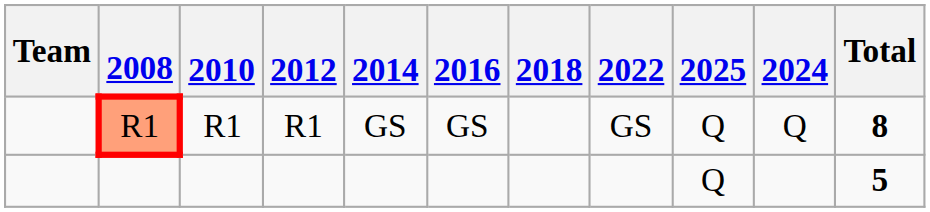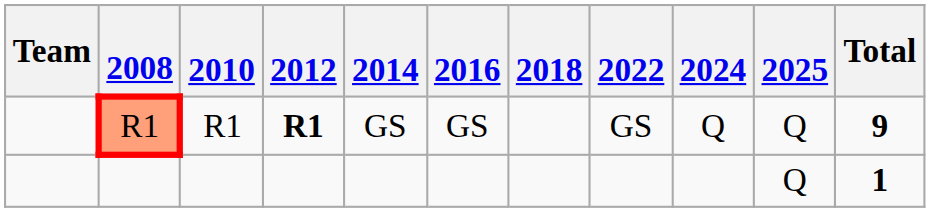 <table class="wikitable" style="text-align:center">
 <tr>
 <th>Team</th>
 <th><br><a href='#'>2008</a></th>
 <th><br><a href='#'>2010</a></th>
 <th><br><a href='#'>2012</a></th>
 <th><br> <a href='#'>2014</a></th>
 <th><br><a href='#'>2016</a></th>
 <th><br><a href='#'>2018</a></th>
 <th><br> <a href='#'>2022</a></th>
+<th><br> <a href='#'>2024</a></th>
 <th><br><a href='#'>2025</a></th>
-<th><br> <a href='#'>2024</a></th>
 <th>Total</th>
 </tr>
 <tr>
 <td align=left></td>
 <td style="background: lightsalmon; border: 3px solid red">R1</td>
 <td>R1</td>
-<td>R1</td>
+<td><strong>R1</strong></td>
 <td>GS</td>
 <td>GS</td>
 <td></td>
 <td>GS</td>
 <td>Q</td>
 <td>Q</td>
-<td><strong>8</strong></td>
+<td><strong>9</strong></td>
 </tr>
 <tr>
 <td align=left></td>
 <td></td>
 <td></td>
 <td></td>
 <td></td>
 <td></td>
 <td></td>
 <td></td>
+<td></td>
 <td>Q</td>
-<td></td>
-<td><strong>5</strong></td>
+<td><strong>1</strong></td>
 </tr>
 </table>
